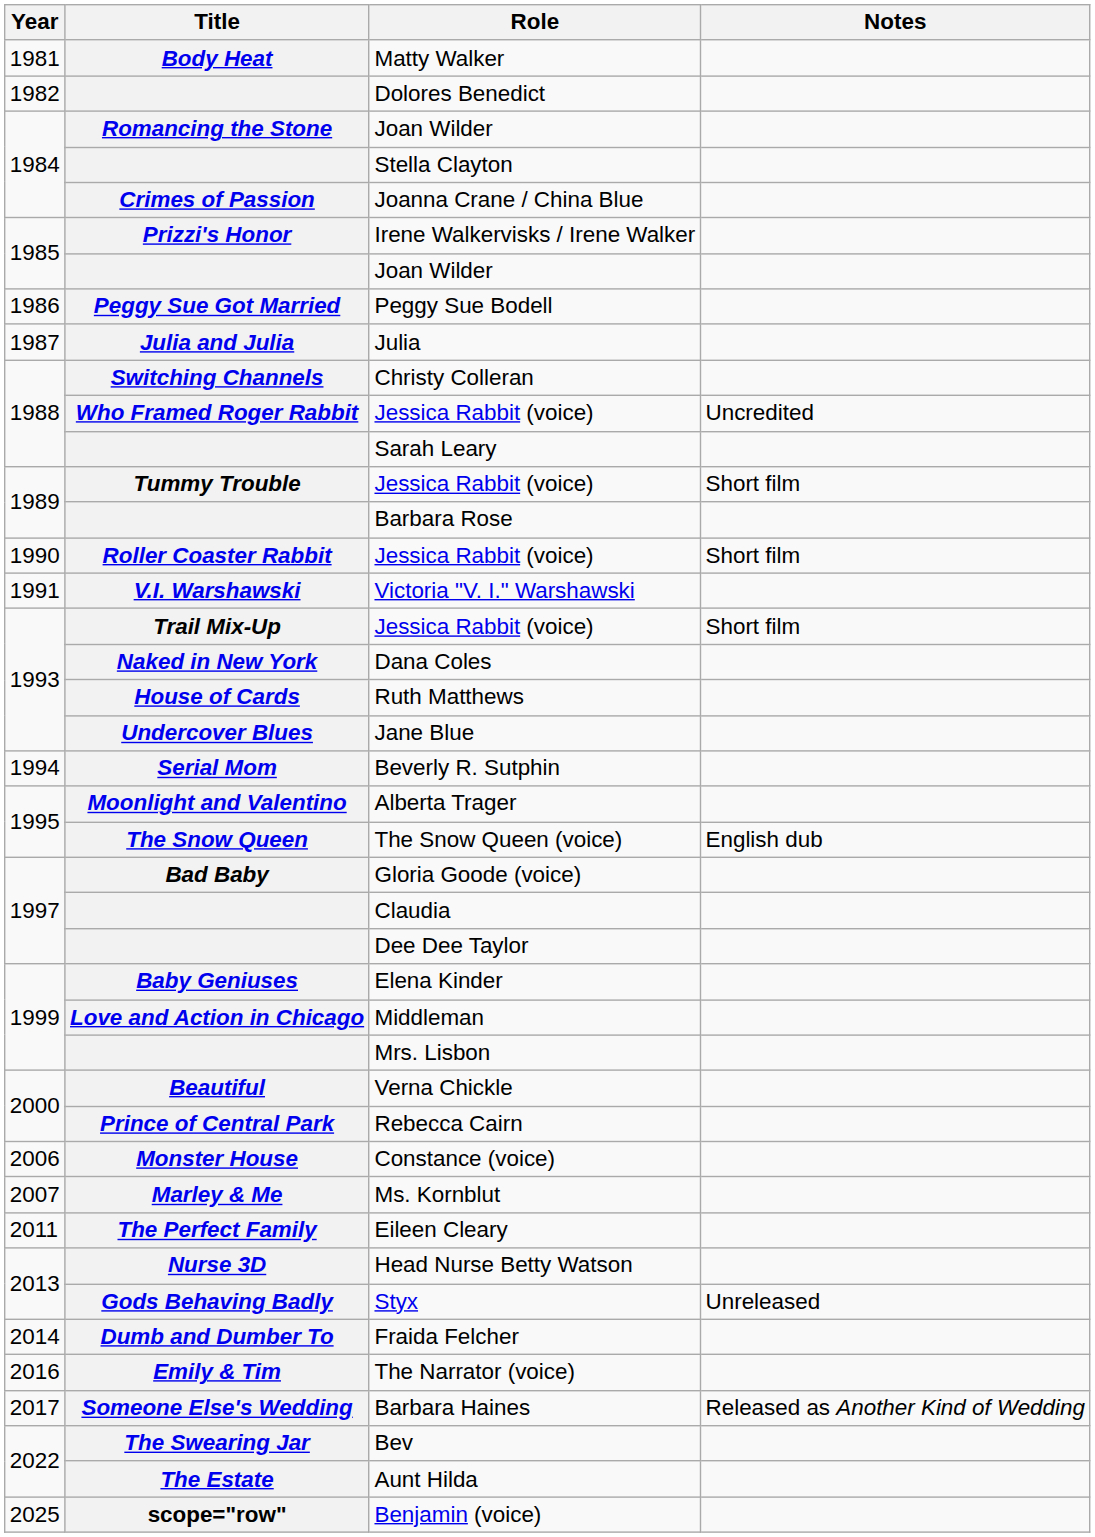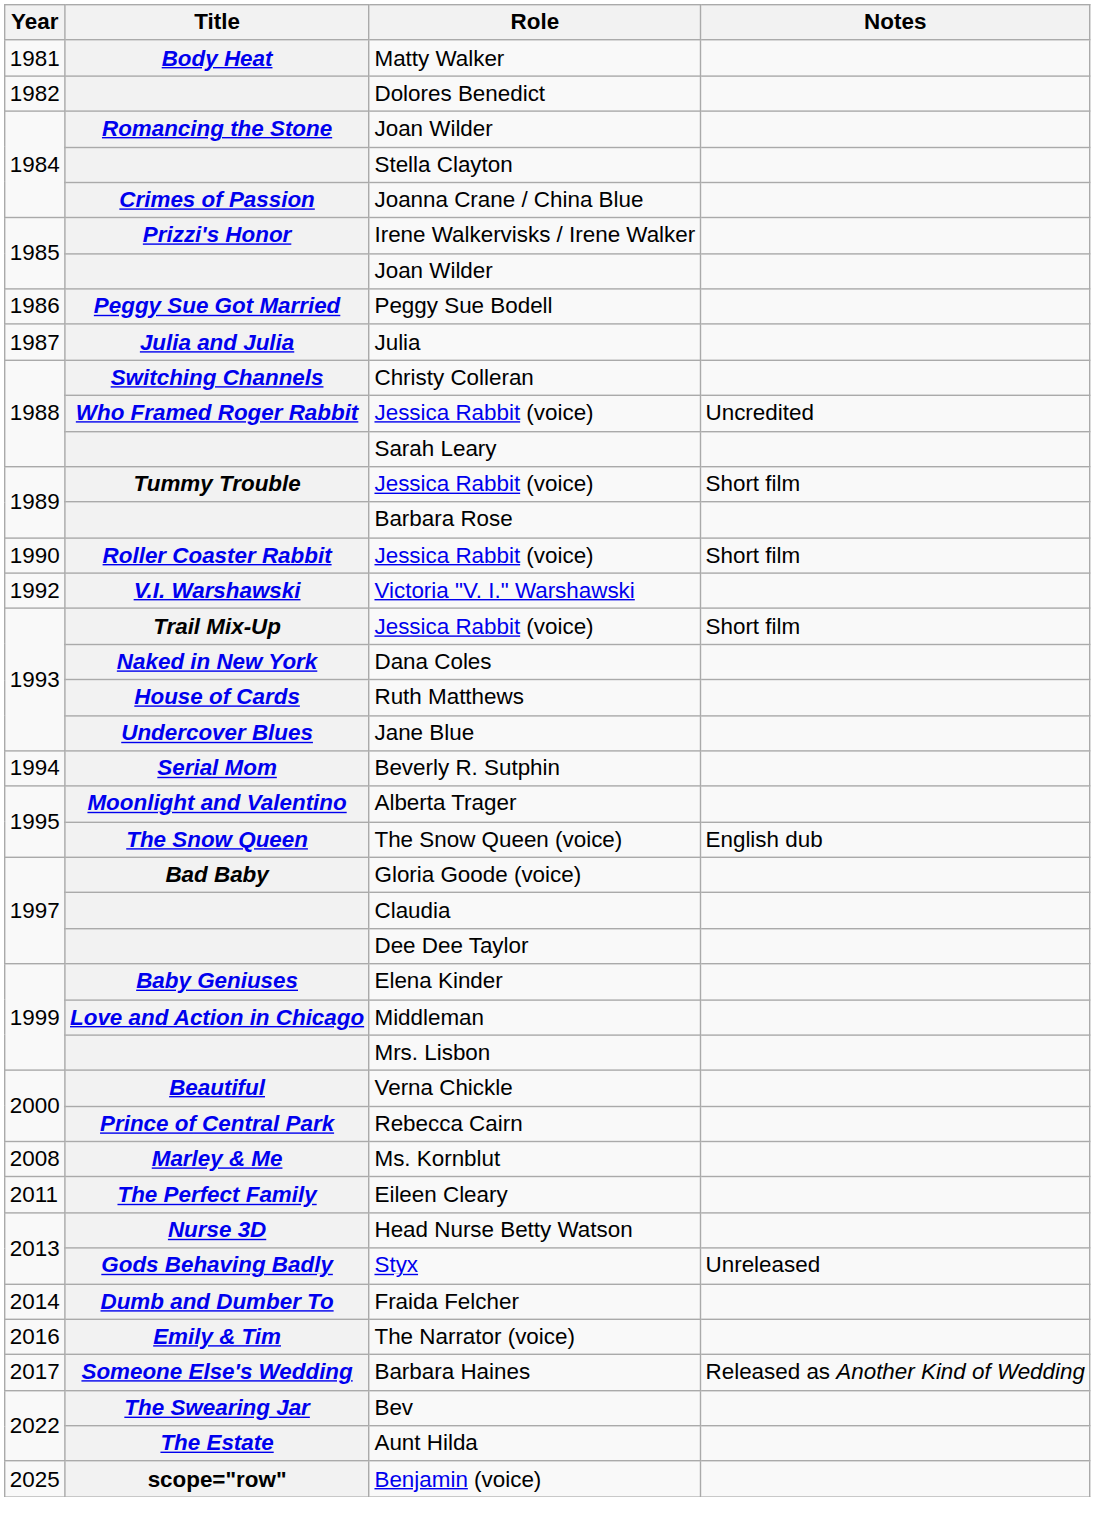 <table class="wikitable sortable plainrowheaders">
 <tr>
 <th scope="col">Year</th>
 <th scope="col">Title</th>
 <th scope="col">Role</th>
 <th scope="col" class="unsortable">Notes</th>
 </tr>
 <tr>
 <td>1981</td>
 <th scope="row"><em><a href='#'>Body Heat</a></em></th>
 <td>Matty Walker</td>
 <td></td>
 </tr>
 <tr>
 <td>1982</td>
 <th scope="row"><em></em></th>
 <td>Dolores Benedict</td>
 <td></td>
 </tr>
 <tr>
 <td rowspan=3>1984</td>
 <th scope="row"><em><a href='#'>Romancing the Stone</a></em></th>
 <td>Joan Wilder</td>
 <td></td>
 </tr>
 <tr>
 <th scope="row"><em></em></th>
 <td>Stella Clayton</td>
 <td></td>
 </tr>
 <tr>
 <th scope="row"><em><a href='#'>Crimes of Passion</a></em></th>
 <td>Joanna Crane / China Blue</td>
 <td></td>
 </tr>
 <tr>
 <td rowspan=2>1985</td>
 <th scope="row"><em><a href='#'>Prizzi's Honor</a></em></th>
 <td>Irene Walkervisks / Irene Walker</td>
 <td></td>
 </tr>
 <tr>
 <th scope="row"><em></em></th>
 <td>Joan Wilder</td>
 <td></td>
 </tr>
 <tr>
 <td>1986</td>
 <th scope="row"><em><a href='#'>Peggy Sue Got Married</a></em></th>
 <td>Peggy Sue Bodell</td>
 <td></td>
 </tr>
 <tr>
 <td>1987</td>
 <th scope="row"><em><a href='#'>Julia and Julia</a></em></th>
 <td>Julia</td>
 <td></td>
 </tr>
 <tr>
 <td rowspan=3>1988</td>
 <th scope="row"><em><a href='#'>Switching Channels</a></em></th>
 <td>Christy Colleran</td>
 <td></td>
 </tr>
 <tr>
 <th scope="row"><em><a href='#'>Who Framed Roger Rabbit</a></em></th>
 <td><a href='#'>Jessica Rabbit</a> (voice)</td>
 <td>Uncredited</td>
 </tr>
 <tr>
 <th scope="row"><em></em></th>
 <td>Sarah Leary</td>
 <td></td>
 </tr>
 <tr>
 <td rowspan=2>1989</td>
 <th scope="row"><em>Tummy Trouble</em></th>
 <td><a href='#'>Jessica Rabbit</a> (voice)</td>
 <td>Short film</td>
 </tr>
 <tr>
 <th scope="row"><em></em></th>
 <td>Barbara Rose</td>
 <td></td>
 </tr>
 <tr>
 <td>1990</td>
 <th scope="row"><em><a href='#'>Roller Coaster Rabbit</a></em></th>
 <td><a href='#'>Jessica Rabbit</a> (voice)</td>
 <td>Short film</td>
 </tr>
 <tr>
-<td>1991</td>
+<td>1992</td>
 <th scope="row"><em><a href='#'>V.I. Warshawski</a></em></th>
 <td><a href='#'>Victoria "V. I." Warshawski</a></td>
 <td></td>
 </tr>
 <tr>
 <td rowspan=4>1993</td>
 <th scope="row"><em>Trail Mix-Up</em></th>
 <td><a href='#'>Jessica Rabbit</a> (voice)</td>
 <td>Short film</td>
 </tr>
 <tr>
 <th scope="row"><em><a href='#'>Naked in New York</a></em></th>
 <td>Dana Coles</td>
 <td></td>
 </tr>
 <tr>
 <th scope="row"><em><a href='#'>House of Cards</a></em></th>
 <td>Ruth Matthews</td>
 <td></td>
 </tr>
 <tr>
 <th scope="row"><em><a href='#'>Undercover Blues</a></em></th>
 <td>Jane Blue</td>
 <td></td>
 </tr>
 <tr>
 <td>1994</td>
 <th scope="row"><em><a href='#'>Serial Mom</a></em></th>
 <td>Beverly R. Sutphin</td>
 <td></td>
 </tr>
 <tr>
 <td rowspan="2">1995</td>
 <th scope="row"><em><a href='#'>Moonlight and Valentino</a></em></th>
 <td>Alberta Trager</td>
 <td></td>
 </tr>
 <tr>
 <th scope="row"><em><a href='#'>The Snow Queen</a></em></th>
 <td>The Snow Queen (voice)</td>
 <td>English dub</td>
 </tr>
 <tr>
 <td rowspan=3>1997</td>
 <th scope="row"><em>Bad Baby</em></th>
 <td>Gloria Goode (voice)</td>
 <td></td>
 </tr>
 <tr>
 <th scope="row"><em></em></th>
 <td>Claudia</td>
 <td></td>
 </tr>
 <tr>
 <th scope="row"><em></em></th>
 <td>Dee Dee Taylor</td>
 <td></td>
 </tr>
 <tr>
 <td rowspan=3>1999</td>
 <th scope="row"><em><a href='#'>Baby Geniuses</a></em></th>
 <td>Elena Kinder</td>
 <td></td>
 </tr>
 <tr>
 <th scope="row"><em><a href='#'>Love and Action in Chicago</a></em></th>
 <td>Middleman</td>
 <td></td>
 </tr>
 <tr>
 <th scope="row"><em></em></th>
 <td>Mrs. Lisbon</td>
 <td></td>
 </tr>
 <tr>
 <td rowspan=2>2000</td>
 <th scope="row"><em><a href='#'>Beautiful</a></em></th>
 <td>Verna Chickle</td>
 <td></td>
 </tr>
 <tr>
 <th scope="row"><em><a href='#'>Prince of Central Park</a></em></th>
 <td>Rebecca Cairn</td>
 <td></td>
 </tr>
 <tr>
-<td>2006</td>
-<th scope="row"><em><a href='#'>Monster House</a></em></th>
-<td>Constance (voice)</td>
-<td></td>
-</tr>
-<tr>
-<td>2007</td>
+<td>2008</td>
 <th scope="row"><em><a href='#'>Marley & Me</a></em></th>
 <td>Ms. Kornblut</td>
 <td></td>
 </tr>
 <tr>
 <td>2011</td>
 <th scope="row"><em><a href='#'>The Perfect Family</a></em></th>
 <td>Eileen Cleary</td>
 <td></td>
 </tr>
 <tr>
 <td rowspan="2">2013</td>
 <th scope="row"><em><a href='#'>Nurse 3D</a></em></th>
 <td>Head Nurse Betty Watson</td>
 <td></td>
 </tr>
 <tr>
 <th scope="row"><em><a href='#'>Gods Behaving Badly</a></em></th>
 <td><a href='#'>Styx</a></td>
 <td>Unreleased</td>
 </tr>
 <tr>
 <td>2014</td>
 <th scope="row"><em><a href='#'>Dumb and Dumber To</a></em></th>
 <td>Fraida Felcher</td>
 <td></td>
 </tr>
 <tr>
 <td>2016</td>
 <th scope="row"><em><a href='#'>Emily & Tim</a></em></th>
 <td>The Narrator (voice)</td>
 <td></td>
 </tr>
 <tr>
 <td>2017</td>
 <th scope="row"><em><a href='#'>Someone Else's Wedding</a></em></th>
 <td>Barbara Haines</td>
 <td>Released as <em>Another Kind of Wedding</em></td>
 </tr>
 <tr>
 <td rowspan="2">2022</td>
 <th scope="row"><em><a href='#'>The Swearing Jar</a></em></th>
 <td>Bev</td>
 <td></td>
 </tr>
 <tr>
 <th scope="row"><em><a href='#'>The Estate</a></em></th>
 <td>Aunt Hilda</td>
 <td></td>
 </tr>
 <tr>
 <td>2025</td>
 <th>scope="row" </th>
 <td><a href='#'>Benjamin</a> (voice) </td>
 <td></td>
 </tr>
 </table>
